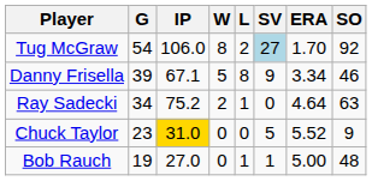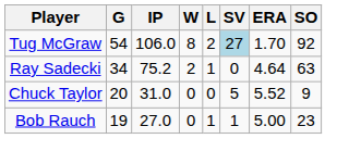 <table class="wikitable sortable">
 <tr>
 <th>Player</th>
 <th>G</th>
 <th>IP</th>
 <th>W</th>
 <th>L</th>
 <th>SV</th>
 <th>ERA</th>
 <th>SO</th>
 </tr>
 <tr align="center">
 <td><a href='#'>Tug McGraw</a></td>
 <td>54</td>
 <td>106.0</td>
 <td>8</td>
 <td>2</td>
 <td style="background: lightblue;">27</td>
 <td>1.70</td>
 <td>92</td>
 </tr>
 <tr align="center">
-<td><a href='#'>Danny Frisella</a></td>
-<td>39</td>
-<td>67.1</td>
-<td>5</td>
-<td>8</td>
-<td>9</td>
-<td>3.34</td>
-<td>46</td>
-</tr>
-<tr align="center">
 <td><a href='#'>Ray Sadecki</a></td>
 <td>34</td>
 <td>75.2</td>
 <td>2</td>
 <td>1</td>
 <td>0</td>
 <td>4.64</td>
 <td>63</td>
 </tr>
 <tr align="center">
 <td><a href='#'>Chuck Taylor</a></td>
-<td>23</td>
-<td style="background: gold;">31.0</td>
+<td>20</td>
+<td>31.0</td>
 <td>0</td>
 <td>0</td>
 <td>5</td>
 <td>5.52</td>
 <td>9</td>
 </tr>
 <tr align="center">
 <td><a href='#'>Bob Rauch</a></td>
 <td>19</td>
 <td>27.0</td>
 <td>0</td>
 <td>1</td>
 <td>1</td>
 <td>5.00</td>
-<td>48</td>
+<td>23</td>
 </tr>
 </table>
